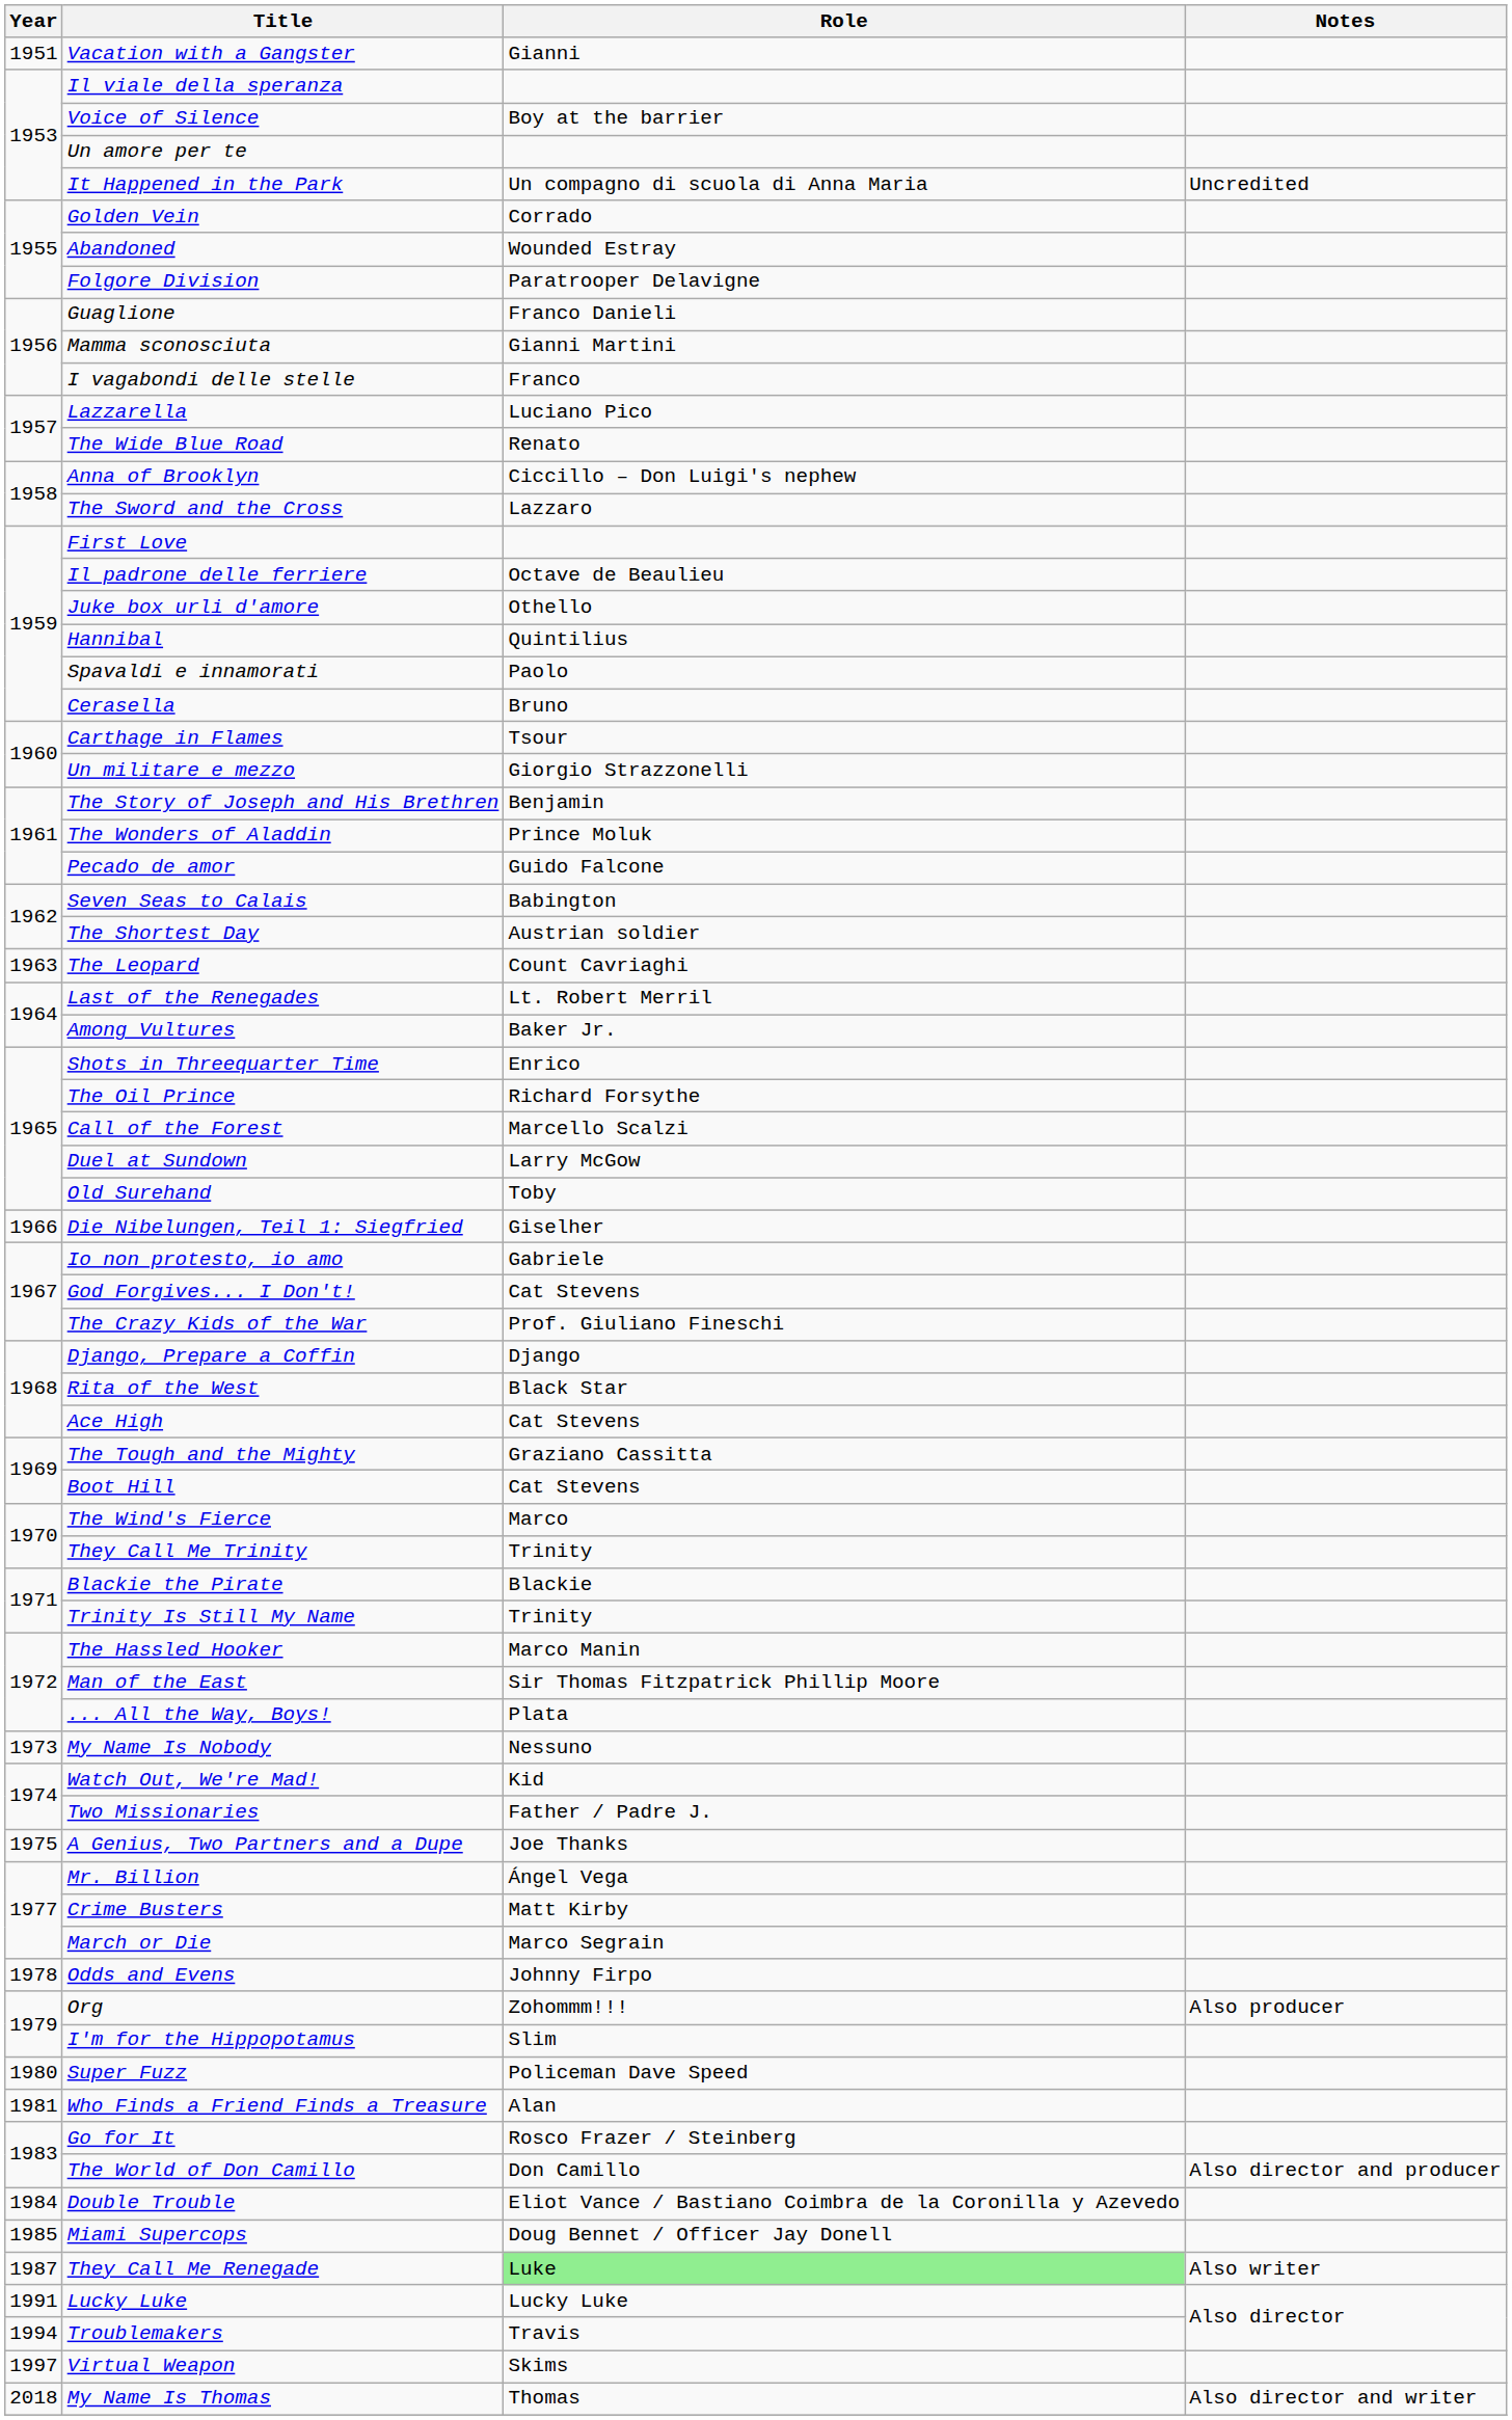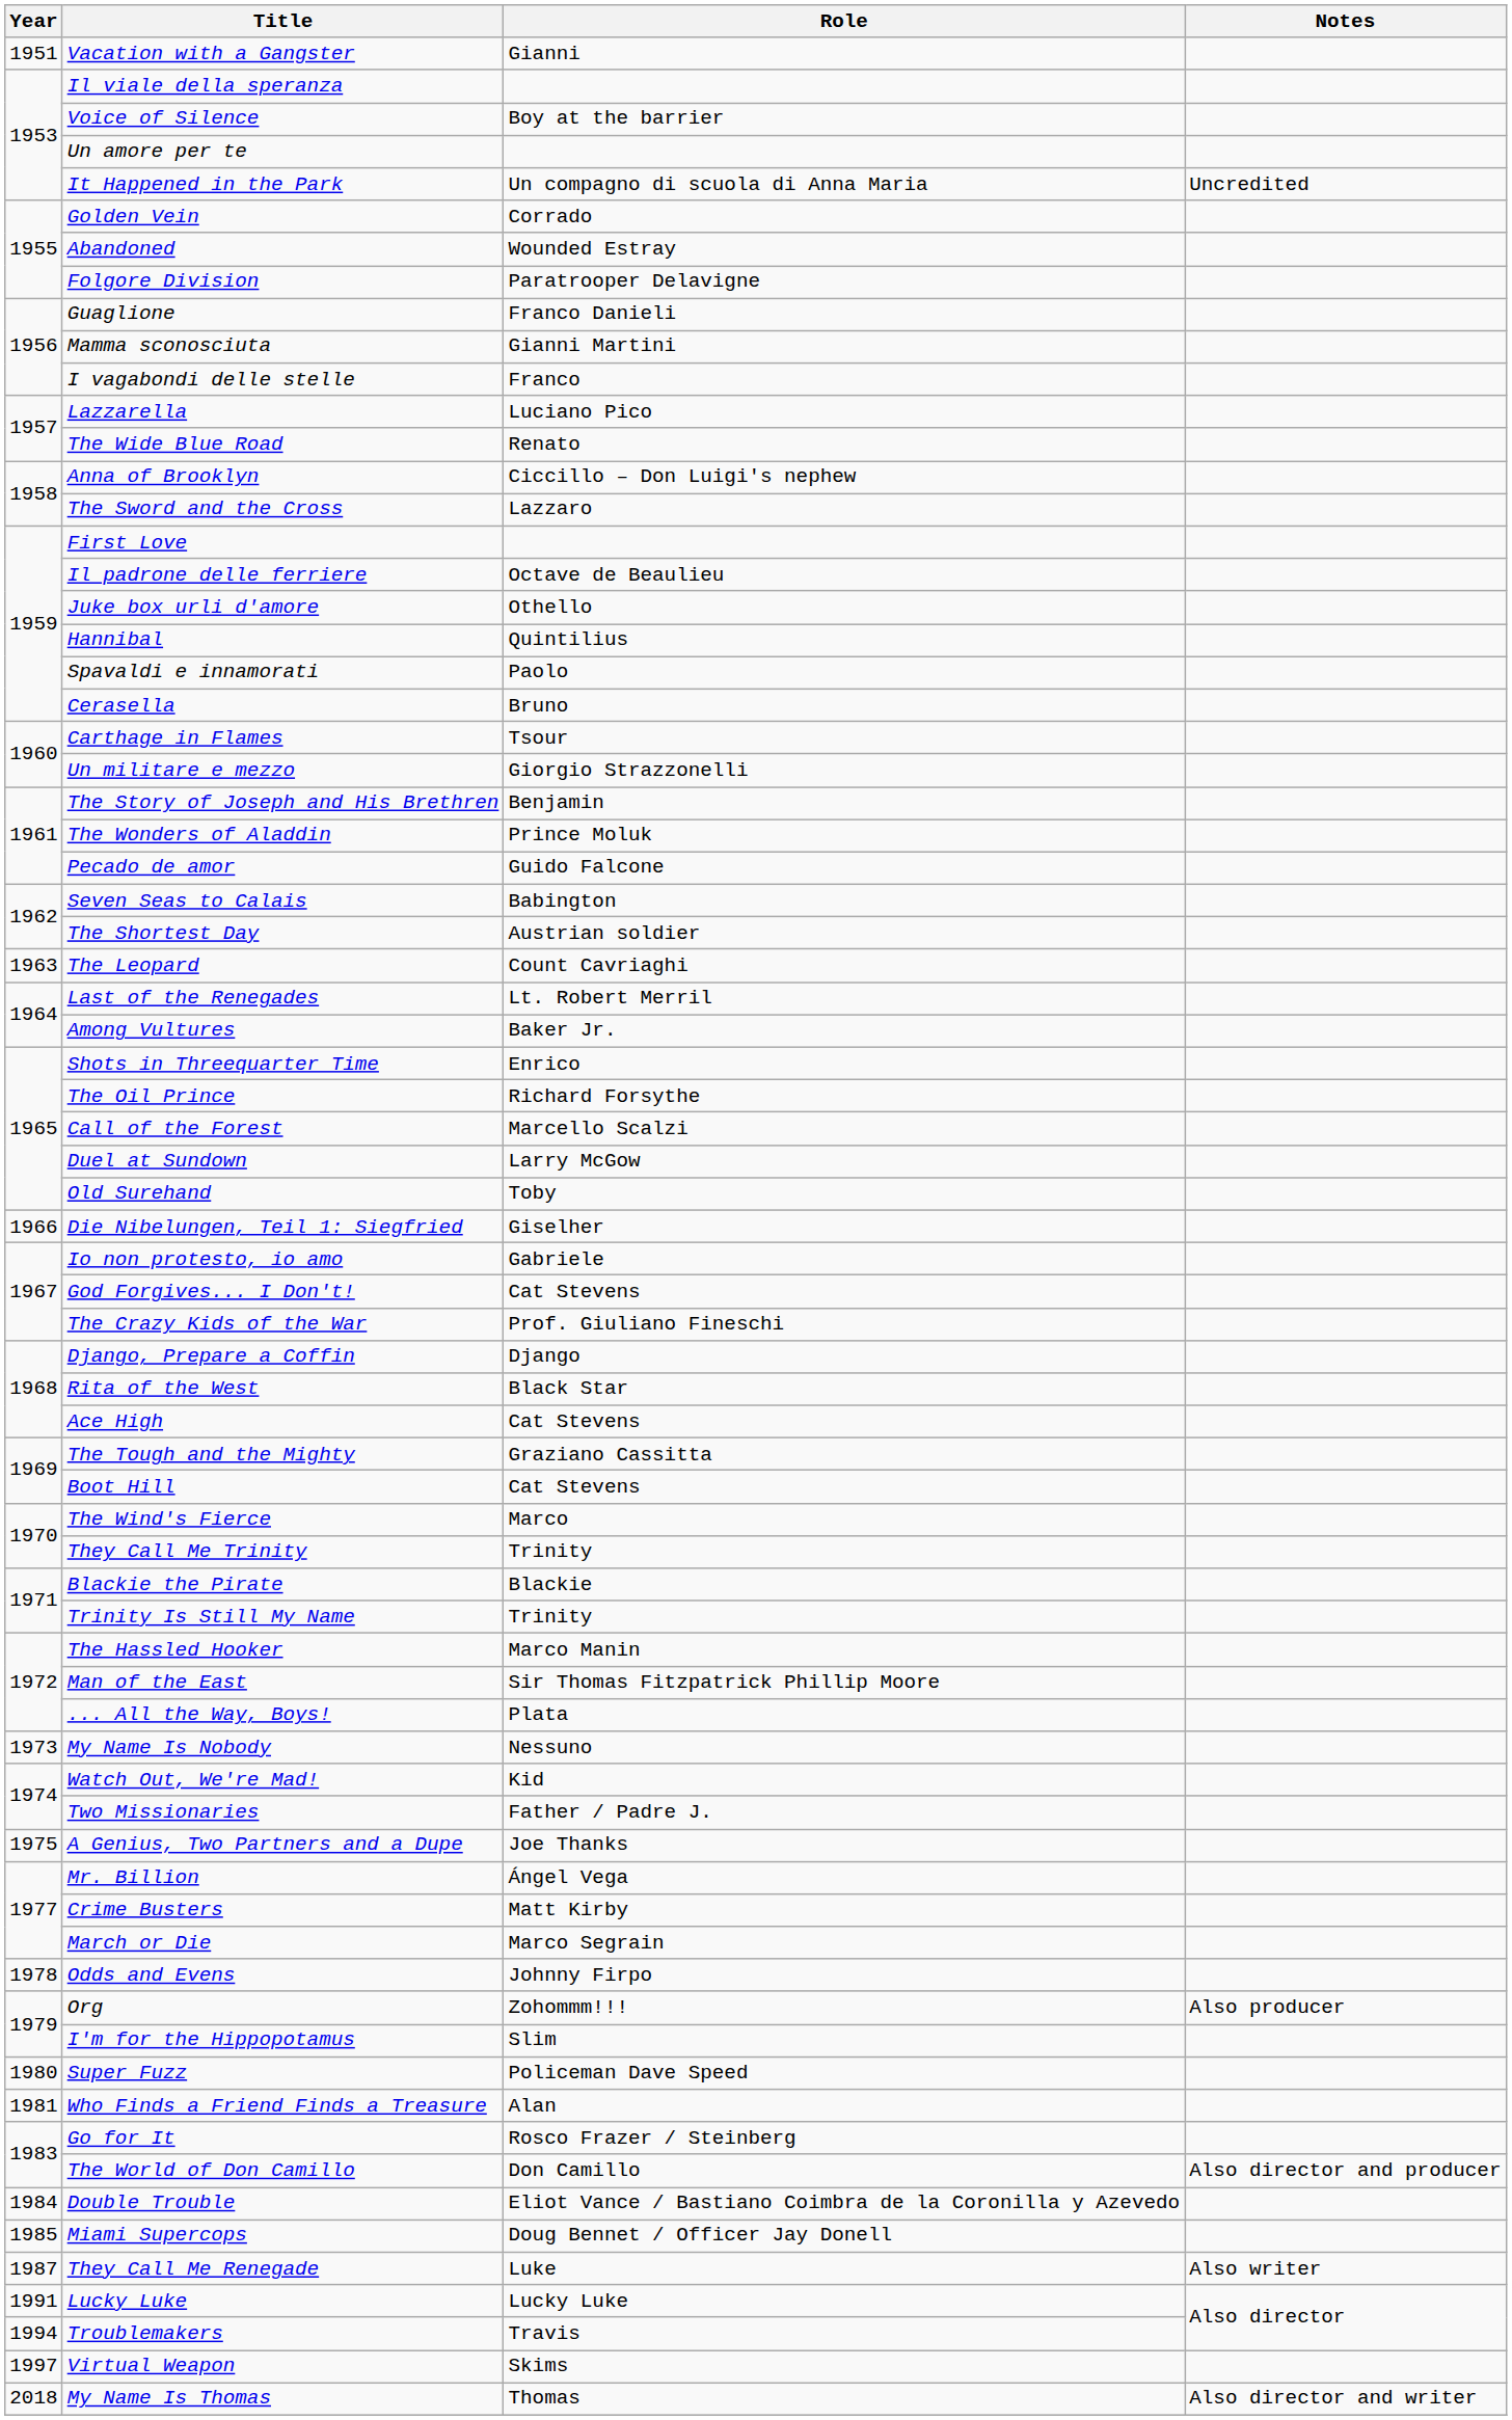 <table class="wikitable sortable">
 <tr>
 <th>Year</th>
 <th>Title</th>
 <th>Role</th>
 <th class="unsortable">Notes</th>
 </tr>
 <tr>
 <td>1951</td>
 <td><em><a href='#'>Vacation with a Gangster</a></em></td>
 <td>Gianni</td>
 <td></td>
 </tr>
 <tr>
 <td rowspan="4">1953</td>
 <td><em><a href='#'>Il viale della speranza</a></em></td>
 <td></td>
 <td></td>
 </tr>
 <tr>
 <td><em><a href='#'>Voice of Silence</a></em></td>
 <td>Boy at the barrier</td>
 <td></td>
 </tr>
 <tr>
 <td><em>Un amore per te</em></td>
 <td></td>
 <td></td>
 </tr>
 <tr>
 <td><em><a href='#'>It Happened in the Park</a></em></td>
 <td>Un compagno di scuola di Anna Maria</td>
 <td>Uncredited</td>
 </tr>
 <tr>
 <td rowspan="3">1955</td>
 <td><em><a href='#'>Golden Vein</a></em></td>
 <td>Corrado</td>
 <td></td>
 </tr>
 <tr>
 <td><em><a href='#'>Abandoned</a></em></td>
 <td>Wounded Estray</td>
 <td></td>
 </tr>
 <tr>
 <td><em><a href='#'>Folgore Division</a></em></td>
 <td>Paratrooper Delavigne</td>
 <td></td>
 </tr>
 <tr>
 <td rowspan="3">1956</td>
 <td><em>Guaglione</em></td>
 <td>Franco Danieli</td>
 <td></td>
 </tr>
 <tr>
 <td><em>Mamma sconosciuta</em></td>
 <td>Gianni Martini</td>
 <td></td>
 </tr>
 <tr>
 <td><em>I vagabondi delle stelle</em></td>
 <td>Franco</td>
 <td></td>
 </tr>
 <tr>
 <td rowspan="2">1957</td>
 <td><em><a href='#'>Lazzarella</a></em></td>
 <td>Luciano Pico</td>
 <td></td>
 </tr>
 <tr>
 <td><em><a href='#'>The Wide Blue Road </a></em></td>
 <td>Renato</td>
 <td></td>
 </tr>
 <tr>
 <td rowspan="2">1958</td>
 <td><em><a href='#'>Anna of Brooklyn</a></em></td>
 <td>Ciccillo – Don Luigi's nephew</td>
 <td></td>
 </tr>
 <tr>
 <td><em><a href='#'>The Sword and the Cross</a></em></td>
 <td>Lazzaro</td>
 <td></td>
 </tr>
 <tr>
 <td rowspan="6">1959</td>
 <td><em><a href='#'>First Love</a></em></td>
 <td></td>
 <td></td>
 </tr>
 <tr>
 <td><em><a href='#'>Il padrone delle ferriere</a></em></td>
 <td>Octave de Beaulieu</td>
 <td></td>
 </tr>
 <tr>
 <td><em><a href='#'>Juke box urli d'amore</a></em></td>
 <td>Othello</td>
 <td></td>
 </tr>
 <tr>
 <td><em><a href='#'>Hannibal</a></em></td>
 <td>Quintilius</td>
 <td></td>
 </tr>
 <tr>
 <td><em>Spavaldi e innamorati</em></td>
 <td>Paolo</td>
 <td></td>
 </tr>
 <tr>
 <td><em><a href='#'>Cerasella</a></em></td>
 <td>Bruno</td>
 <td></td>
 </tr>
 <tr>
 <td rowspan="2">1960</td>
 <td><em><a href='#'>Carthage in Flames</a></em></td>
 <td>Tsour</td>
 <td></td>
 </tr>
 <tr>
 <td><em><a href='#'>Un militare e mezzo</a></em></td>
 <td>Giorgio Strazzonelli</td>
 <td></td>
 </tr>
 <tr>
 <td rowspan="3">1961</td>
 <td><em><a href='#'>The Story of Joseph and His Brethren</a></em></td>
 <td>Benjamin</td>
 <td></td>
 </tr>
 <tr>
 <td><em><a href='#'>The Wonders of Aladdin</a></em></td>
 <td>Prince Moluk</td>
 <td></td>
 </tr>
 <tr>
 <td><em><a href='#'>Pecado de amor</a></em></td>
 <td>Guido Falcone</td>
 <td></td>
 </tr>
 <tr>
 <td rowspan="2">1962</td>
 <td><em><a href='#'>Seven Seas to Calais</a></em></td>
 <td>Babington</td>
 <td></td>
 </tr>
 <tr>
 <td><em><a href='#'>The Shortest Day</a></em></td>
 <td>Austrian soldier</td>
 <td></td>
 </tr>
 <tr>
 <td>1963</td>
 <td><em><a href='#'>The Leopard</a></em></td>
 <td>Count Cavriaghi</td>
 <td></td>
 </tr>
 <tr>
 <td rowspan="2">1964</td>
 <td><em><a href='#'>Last of the Renegades</a></em></td>
 <td>Lt. Robert Merril</td>
 <td></td>
 </tr>
 <tr>
 <td><em><a href='#'>Among Vultures</a></em></td>
 <td>Baker Jr.</td>
 <td></td>
 </tr>
 <tr>
 <td rowspan="5">1965</td>
 <td><em><a href='#'>Shots in Threequarter Time</a></em></td>
 <td>Enrico</td>
 <td></td>
 </tr>
 <tr>
 <td><em><a href='#'>The Oil Prince</a></em></td>
 <td>Richard Forsythe</td>
 <td></td>
 </tr>
 <tr>
 <td><em><a href='#'>Call of the Forest</a></em></td>
 <td>Marcello Scalzi</td>
 <td></td>
 </tr>
 <tr>
 <td><em><a href='#'>Duel at Sundown</a></em></td>
 <td>Larry McGow</td>
 <td></td>
 </tr>
 <tr>
 <td><em><a href='#'>Old Surehand</a></em></td>
 <td>Toby</td>
 <td></td>
 </tr>
 <tr>
 <td>1966</td>
 <td><em><a href='#'>Die Nibelungen, Teil 1: Siegfried</a></em></td>
 <td>Giselher</td>
 <td></td>
 </tr>
 <tr>
 <td rowspan="3">1967</td>
 <td><em><a href='#'>Io non protesto, io amo</a></em></td>
 <td>Gabriele</td>
 <td></td>
 </tr>
 <tr>
 <td><em><a href='#'>God Forgives... I Don't!</a></em></td>
 <td>Cat Stevens</td>
 <td></td>
 </tr>
 <tr>
 <td><em><a href='#'>The Crazy Kids of the War</a></em></td>
 <td>Prof. Giuliano Fineschi</td>
 <td></td>
 </tr>
 <tr>
 <td rowspan="3">1968</td>
 <td><em><a href='#'>Django, Prepare a Coffin</a></em></td>
 <td>Django</td>
 <td></td>
 </tr>
 <tr>
 <td><em><a href='#'>Rita of the West</a></em></td>
 <td>Black Star</td>
 <td></td>
 </tr>
 <tr>
 <td><em><a href='#'>Ace High</a></em></td>
 <td>Cat Stevens</td>
 <td></td>
 </tr>
 <tr>
 <td rowspan="2">1969</td>
 <td><em><a href='#'>The Tough and the Mighty </a></em></td>
 <td>Graziano Cassitta</td>
 <td></td>
 </tr>
 <tr>
 <td><em><a href='#'>Boot Hill</a></em></td>
 <td>Cat Stevens</td>
 <td></td>
 </tr>
 <tr>
 <td rowspan="2">1970</td>
 <td><em><a href='#'>The Wind's Fierce</a></em></td>
 <td>Marco</td>
 <td></td>
 </tr>
 <tr>
 <td><em><a href='#'>They Call Me Trinity</a></em></td>
 <td>Trinity</td>
 <td></td>
 </tr>
 <tr>
 <td rowspan="2">1971</td>
 <td><em><a href='#'>Blackie the Pirate</a></em></td>
 <td>Blackie</td>
 <td></td>
 </tr>
 <tr>
 <td><em><a href='#'>Trinity Is Still My Name</a></em></td>
 <td>Trinity</td>
 <td></td>
 </tr>
 <tr>
 <td rowspan="3">1972</td>
 <td><em><a href='#'>The Hassled Hooker</a></em></td>
 <td>Marco Manin</td>
 <td></td>
 </tr>
 <tr>
 <td><em><a href='#'>Man of the East</a></em></td>
 <td>Sir Thomas Fitzpatrick Phillip Moore</td>
 <td></td>
 </tr>
 <tr>
 <td><em><a href='#'>... All the Way, Boys!</a></em></td>
 <td>Plata</td>
 <td></td>
 </tr>
 <tr>
 <td>1973</td>
 <td><em><a href='#'>My Name Is Nobody</a></em></td>
 <td>Nessuno</td>
 <td></td>
 </tr>
 <tr>
 <td rowspan="2">1974</td>
 <td><em><a href='#'>Watch Out, We're Mad!</a></em></td>
 <td>Kid</td>
 <td></td>
 </tr>
 <tr>
 <td><em><a href='#'>Two Missionaries</a></em></td>
 <td>Father / Padre J.</td>
 <td></td>
 </tr>
 <tr>
 <td>1975</td>
 <td><em><a href='#'>A Genius, Two Partners and a Dupe</a></em></td>
 <td>Joe Thanks</td>
 <td></td>
 </tr>
 <tr>
 <td rowspan="3">1977</td>
 <td><em><a href='#'>Mr. Billion</a></em></td>
 <td>Ángel Vega</td>
 <td></td>
 </tr>
 <tr>
 <td><em><a href='#'>Crime Busters</a></em></td>
 <td>Matt Kirby</td>
 <td></td>
 </tr>
 <tr>
 <td><em><a href='#'>March or Die</a></em></td>
 <td>Marco Segrain</td>
 <td></td>
 </tr>
 <tr>
 <td>1978</td>
 <td><em><a href='#'>Odds and Evens</a></em></td>
 <td>Johnny Firpo</td>
 <td></td>
 </tr>
 <tr>
 <td rowspan="2">1979</td>
 <td><em>Org</em></td>
 <td>Zohommm!!!</td>
 <td>Also producer</td>
 </tr>
 <tr>
 <td><em><a href='#'>I'm for the Hippopotamus</a></em></td>
 <td>Slim</td>
 <td></td>
 </tr>
 <tr>
 <td>1980</td>
 <td><em><a href='#'>Super Fuzz</a></em></td>
 <td>Policeman Dave Speed</td>
 <td></td>
 </tr>
 <tr>
 <td>1981</td>
 <td><em><a href='#'>Who Finds a Friend Finds a Treasure</a></em></td>
 <td>Alan</td>
 <td></td>
 </tr>
 <tr>
 <td rowspan="2">1983</td>
 <td><em><a href='#'>Go for It</a></em></td>
 <td>Rosco Frazer / Steinberg</td>
 <td></td>
 </tr>
 <tr>
 <td><em><a href='#'>The World of Don Camillo</a></em></td>
 <td>Don Camillo</td>
 <td>Also director and producer</td>
 </tr>
 <tr>
 <td>1984</td>
 <td><em><a href='#'>Double Trouble</a></em></td>
 <td>Eliot Vance / Bastiano Coimbra de la Coronilla y Azevedo</td>
 <td></td>
 </tr>
 <tr>
 <td>1985</td>
 <td><em><a href='#'>Miami Supercops</a></em></td>
 <td>Doug Bennet / Officer Jay Donell</td>
 <td></td>
 </tr>
 <tr>
 <td>1987</td>
 <td><em><a href='#'>They Call Me Renegade</a></em></td>
-<td style="background: lightgreen;">Luke</td>
+<td>Luke</td>
 <td>Also writer</td>
 </tr>
 <tr>
 <td>1991</td>
 <td><em><a href='#'>Lucky Luke</a></em></td>
 <td>Lucky Luke</td>
 <td rowspan="2">Also director</td>
 </tr>
 <tr>
 <td>1994</td>
 <td><em><a href='#'>Troublemakers</a></em></td>
 <td>Travis</td>
 </tr>
 <tr>
 <td>1997</td>
 <td><em><a href='#'>Virtual Weapon</a></em></td>
 <td>Skims</td>
 <td></td>
 </tr>
 <tr>
 <td>2018</td>
 <td><em><a href='#'>My Name Is Thomas</a></em></td>
 <td>Thomas</td>
 <td>Also director and writer</td>
 </tr>
 <tr>
 </tr>
 </table>
